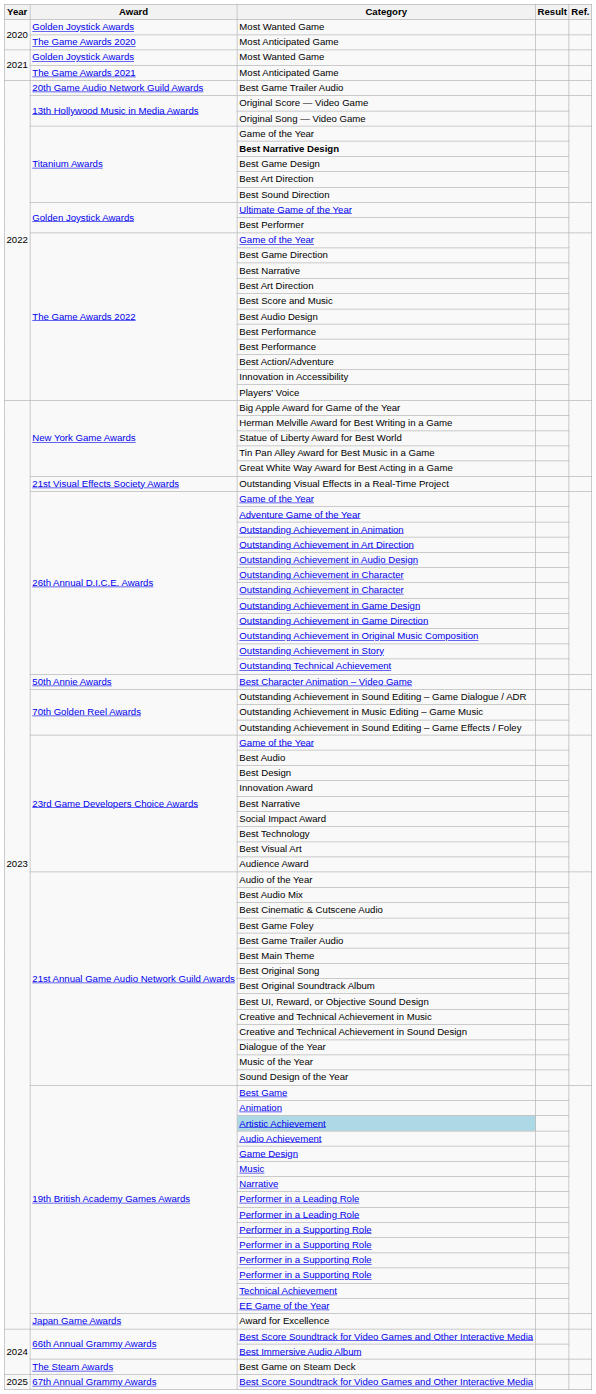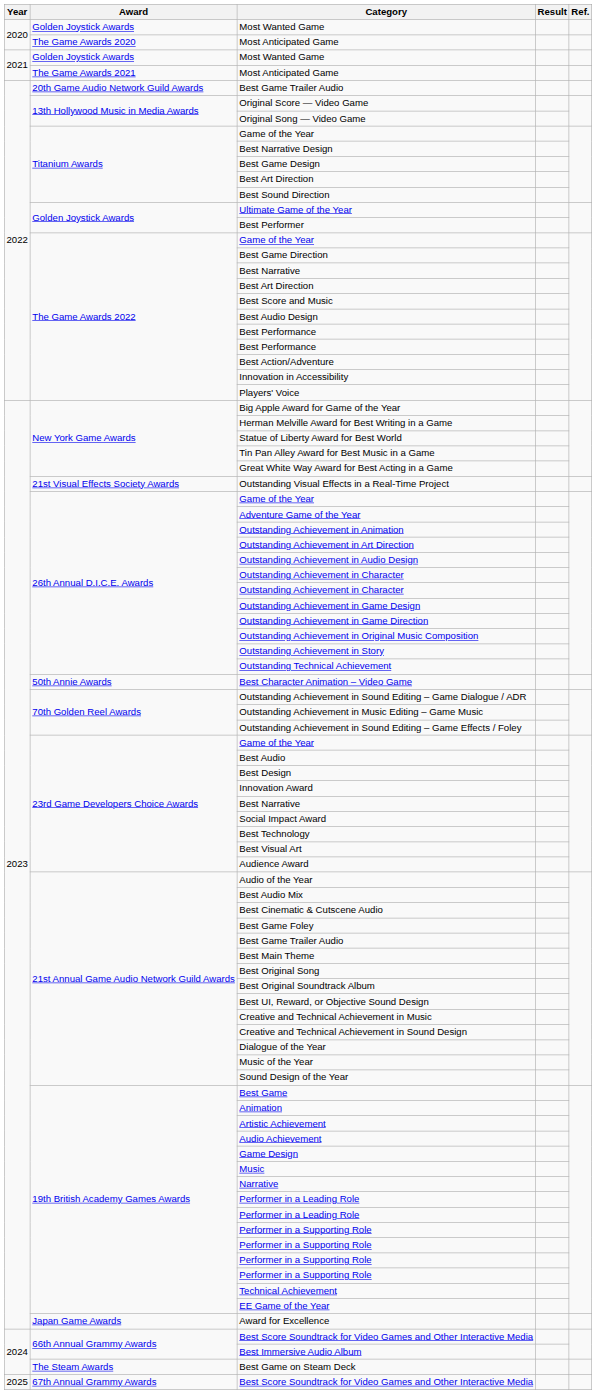 <table class="wikitable sortable mw-collapsible">
 <tr>
 <th scope="col">Year</th>
 <th scope="col">Award</th>
 <th scope="col">Category</th>
 <th scope="col">Result</th>
 <th scope="col" class="unsortable">Ref.</th>
 </tr>
 <tr>
 <td rowspan="2" style="text-align:center;">2020</td>
 <td><a href='#'>Golden Joystick Awards</a></td>
 <td>Most Wanted Game</td>
 <td></td>
 <td style="text-align:center;"></td>
 </tr>
 <tr>
 <td><a href='#'>The Game Awards 2020</a></td>
 <td>Most Anticipated Game</td>
 <td></td>
 <td style="text-align:center;"></td>
 </tr>
 <tr>
 <td rowspan="2" style="text-align:center;">2021</td>
 <td><a href='#'>Golden Joystick Awards</a></td>
 <td>Most Wanted Game</td>
 <td></td>
 <td style="text-align:center;"></td>
 </tr>
 <tr>
 <td><a href='#'>The Game Awards 2021</a></td>
 <td>Most Anticipated Game</td>
 <td></td>
 <td style="text-align:center;"></td>
 </tr>
 <tr>
 <td rowspan="21" style="text-align:center;">2022</td>
 <td><a href='#'>20th Game Audio Network Guild Awards</a></td>
 <td>Best Game Trailer Audio</td>
 <td></td>
 <td style="text-align:center;"></td>
 </tr>
 <tr>
 <td rowspan="2"><a href='#'>13th Hollywood Music in Media Awards</a></td>
 <td>Original Score — Video Game </td>
 <td></td>
 <td style="text-align:center;" rowspan="2"></td>
 </tr>
 <tr>
 <td>Original Song — Video Game </td>
 <td></td>
 </tr>
 <tr>
 <td rowspan="5"><a href='#'>Titanium Awards</a></td>
 <td>Game of the Year</td>
 <td></td>
 <td style="text-align:center;" rowspan="5"></td>
 </tr>
 <tr>
-<td><strong>Best Narrative Design</strong></td>
+<td>Best Narrative Design</td>
 <td></td>
 </tr>
 <tr>
 <td>Best Game Design</td>
 <td></td>
 </tr>
 <tr>
 <td>Best Art Direction</td>
 <td></td>
 </tr>
 <tr>
 <td>Best Sound Direction</td>
 <td></td>
 </tr>
 <tr>
 <td rowspan="2"><a href='#'>Golden Joystick Awards</a></td>
 <td><a href='#'>Ultimate Game of the Year</a></td>
 <td></td>
 <td rowspan="2" style="text-align:center;"></td>
 </tr>
 <tr>
 <td>Best Performer </td>
 <td></td>
 </tr>
 <tr>
 <td rowspan="11"><a href='#'>The Game Awards 2022</a></td>
 <td><a href='#'>Game of the Year</a></td>
 <td></td>
 <td style="text-align:center;" rowspan="11"></td>
 </tr>
 <tr>
 <td>Best Game Direction</td>
 <td></td>
 </tr>
 <tr>
 <td>Best Narrative</td>
 <td></td>
 </tr>
 <tr>
 <td>Best Art Direction</td>
 <td></td>
 </tr>
 <tr>
 <td>Best Score and Music </td>
 <td></td>
 </tr>
 <tr>
 <td>Best Audio Design</td>
 <td></td>
 </tr>
 <tr>
 <td>Best Performance </td>
 <td></td>
 </tr>
 <tr>
 <td>Best Performance </td>
 <td></td>
 </tr>
 <tr>
 <td>Best Action/Adventure</td>
 <td></td>
 </tr>
 <tr>
 <td>Innovation in Accessibility</td>
 <td></td>
 </tr>
 <tr>
 <td>Players' Voice</td>
 <td></td>
 </tr>
 <tr>
 <td rowspan="61" style="text-align:center;">2023</td>
 <td rowspan="5"><a href='#'>New York Game Awards</a></td>
 <td>Big Apple Award for Game of the Year</td>
 <td></td>
 <td style="text-align:center;" rowspan="5"></td>
 </tr>
 <tr>
 <td>Herman Melville Award for Best Writing in a Game</td>
 <td></td>
 </tr>
 <tr>
 <td>Statue of Liberty Award for Best World</td>
 <td></td>
 </tr>
 <tr>
 <td>Tin Pan Alley Award for Best Music in a Game</td>
 <td></td>
 </tr>
 <tr>
 <td>Great White Way Award for Best Acting in a Game </td>
 <td></td>
 </tr>
 <tr>
 <td><a href='#'>21st Visual Effects Society Awards</a></td>
 <td>Outstanding Visual Effects in a Real-Time Project</td>
 <td></td>
 <td align="center"></td>
 </tr>
 <tr>
 <td rowspan="12"><a href='#'>26th Annual D.I.C.E. Awards</a></td>
 <td><a href='#'>Game of the Year</a></td>
 <td></td>
 <td style="text-align:center;" rowspan="12"></td>
 </tr>
 <tr>
 <td><a href='#'>Adventure Game of the Year</a></td>
 <td></td>
 </tr>
 <tr>
 <td><a href='#'>Outstanding Achievement in Animation</a></td>
 <td></td>
 </tr>
 <tr>
 <td><a href='#'>Outstanding Achievement in Art Direction</a></td>
 <td></td>
 </tr>
 <tr>
 <td><a href='#'>Outstanding Achievement in Audio Design</a></td>
 <td></td>
 </tr>
 <tr>
 <td><a href='#'>Outstanding Achievement in Character</a> </td>
 <td></td>
 </tr>
 <tr>
 <td><a href='#'>Outstanding Achievement in Character</a> </td>
 <td></td>
 </tr>
 <tr>
 <td><a href='#'>Outstanding Achievement in Game Design</a></td>
 <td></td>
 </tr>
 <tr>
 <td><a href='#'>Outstanding Achievement in Game Direction</a></td>
 <td></td>
 </tr>
 <tr>
 <td><a href='#'>Outstanding Achievement in Original Music Composition</a></td>
 <td></td>
 </tr>
 <tr>
 <td><a href='#'>Outstanding Achievement in Story</a></td>
 <td></td>
 </tr>
 <tr>
 <td><a href='#'>Outstanding Technical Achievement</a></td>
 <td></td>
 </tr>
 <tr>
 <td><a href='#'>50th Annie Awards</a></td>
 <td><a href='#'>Best Character Animation – Video Game</a></td>
 <td></td>
 <td style="text-align:center;"></td>
 </tr>
 <tr>
 <td rowspan="3"><a href='#'>70th Golden Reel Awards</a></td>
 <td>Outstanding Achievement in Sound Editing – Game Dialogue / ADR</td>
 <td></td>
 <td rowspan="3" style="text-align:center;"></td>
 </tr>
 <tr>
 <td>Outstanding Achievement in Music Editing – Game Music</td>
 <td></td>
 </tr>
 <tr>
 <td>Outstanding Achievement in Sound Editing – Game Effects / Foley</td>
 <td></td>
 </tr>
 <tr>
 <td rowspan="9"><a href='#'>23rd Game Developers Choice Awards</a></td>
 <td><a href='#'>Game of the Year</a></td>
 <td></td>
 <td style="text-align:center;" rowspan="9"></td>
 </tr>
 <tr>
 <td>Best Audio</td>
 <td></td>
 </tr>
 <tr>
 <td>Best Design</td>
 <td></td>
 </tr>
 <tr>
 <td>Innovation Award</td>
 <td></td>
 </tr>
 <tr>
 <td>Best Narrative</td>
 <td></td>
 </tr>
 <tr>
 <td>Social Impact Award</td>
 <td></td>
 </tr>
 <tr>
 <td>Best Technology</td>
 <td></td>
 </tr>
 <tr>
 <td>Best Visual Art</td>
 <td></td>
 </tr>
 <tr>
 <td>Audience Award</td>
 <td></td>
 </tr>
 <tr>
 <td rowspan="14"><a href='#'>21st Annual Game Audio Network Guild Awards</a></td>
 <td>Audio of the Year</td>
 <td></td>
 <td style="text-align:center;" rowspan="14"></td>
 </tr>
 <tr>
 <td>Best Audio Mix</td>
 <td></td>
 </tr>
 <tr>
 <td>Best Cinematic & Cutscene Audio</td>
 <td></td>
 </tr>
 <tr>
 <td>Best Game Foley</td>
 <td></td>
 </tr>
 <tr>
 <td>Best Game Trailer Audio</td>
 <td></td>
 </tr>
 <tr>
 <td>Best Main Theme</td>
 <td></td>
 </tr>
 <tr>
 <td>Best Original Song</td>
 <td></td>
 </tr>
 <tr>
 <td>Best Original Soundtrack Album</td>
 <td></td>
 </tr>
 <tr>
 <td>Best UI, Reward, or Objective Sound Design</td>
 <td></td>
 </tr>
 <tr>
 <td>Creative and Technical Achievement in Music</td>
 <td></td>
 </tr>
 <tr>
 <td>Creative and Technical Achievement in Sound Design</td>
 <td></td>
 </tr>
 <tr>
 <td>Dialogue of the Year</td>
 <td></td>
 </tr>
 <tr>
 <td>Music of the Year</td>
 <td></td>
 </tr>
 <tr>
 <td>Sound Design of the Year</td>
 <td></td>
 </tr>
 <tr>
 <td rowspan="15"><a href='#'>19th British Academy Games Awards</a></td>
 <td><a href='#'>Best Game</a></td>
 <td></td>
 <td style="text-align:center;" rowspan="15"></td>
 </tr>
 <tr>
 <td><a href='#'>Animation</a></td>
 <td></td>
 </tr>
 <tr>
-<td style="background: lightblue;"><a href='#'>Artistic Achievement</a></td>
+<td><a href='#'>Artistic Achievement</a></td>
 <td></td>
 </tr>
 <tr>
 <td><a href='#'>Audio Achievement</a></td>
 <td></td>
 </tr>
 <tr>
 <td><a href='#'>Game Design</a></td>
 <td></td>
 </tr>
 <tr>
 <td><a href='#'>Music</a></td>
 <td></td>
 </tr>
 <tr>
 <td><a href='#'>Narrative</a></td>
 <td></td>
 </tr>
 <tr>
 <td><a href='#'>Performer in a Leading Role</a> </td>
 <td></td>
 </tr>
 <tr>
 <td><a href='#'>Performer in a Leading Role</a> </td>
 <td></td>
 </tr>
 <tr>
 <td><a href='#'>Performer in a Supporting Role</a> </td>
 <td></td>
 </tr>
 <tr>
 <td><a href='#'>Performer in a Supporting Role</a></td>
 <td></td>
 </tr>
 <tr>
 <td><a href='#'>Performer in a Supporting Role</a> </td>
 <td></td>
 </tr>
 <tr>
 <td><a href='#'>Performer in a Supporting Role</a> </td>
 <td></td>
 </tr>
 <tr>
 <td><a href='#'>Technical Achievement</a></td>
 <td></td>
 </tr>
 <tr>
 <td><a href='#'>EE Game of the Year</a></td>
 <td></td>
 </tr>
 <tr>
 <td><a href='#'>Japan Game Awards</a></td>
 <td>Award for Excellence</td>
 <td></td>
 <td style="text-align:center;"></td>
 </tr>
 <tr>
 <td rowspan="3" style="text-align:center;">2024</td>
 <td rowspan="2"><a href='#'>66th Annual Grammy Awards</a></td>
 <td><a href='#'>Best Score Soundtrack for Video Games and Other Interactive Media</a></td>
 <td></td>
 <td rowspan="2" style="text-align:center;"></td>
 </tr>
 <tr>
 <td><a href='#'>Best Immersive Audio Album</a></td>
 <td></td>
 </tr>
 <tr>
 <td><a href='#'>The Steam Awards</a></td>
 <td>Best Game on Steam Deck</td>
 <td></td>
 <td style="text-align:center;"></td>
 </tr>
 <tr>
 <td rowspan="1" style="text-align:center;">2025</td>
 <td><a href='#'>67th Annual Grammy Awards</a></td>
 <td><a href='#'>Best Score Soundtrack for Video Games and Other Interactive Media</a> </td>
 <td></td>
 <td style="text-align:center;"></td>
 </tr>
 </table>
